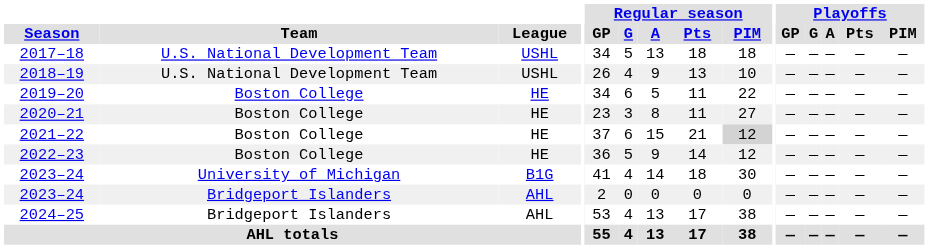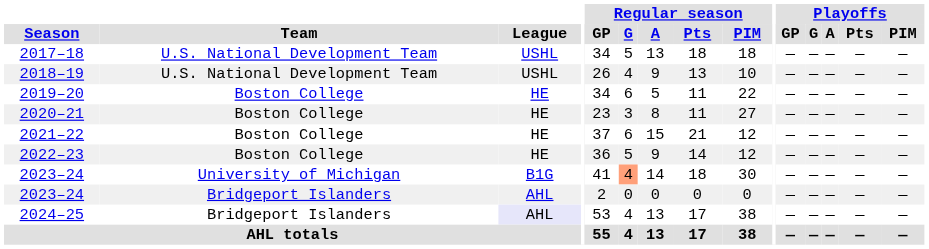 <table border="0" cellpadding="1" cellspacing="0" style="text-align:center; width:60em">
 <tr bgcolor="#e0e0e0">
 <th colspan="3" bgcolor="#ffffff"></th>
 <th rowspan="101" bgcolor="#ffffff"></th>
 <th colspan="5"><a href='#'>Regular season</a></th>
 <th rowspan="101" bgcolor="#ffffff"></th>
 <th colspan="5"><a href='#'>Playoffs</a></th>
 </tr>
 <tr bgcolor="#e0e0e0">
 <th><a href='#'>Season</a></th>
 <th>Team</th>
 <th>League</th>
 <th>GP</th>
 <th><a href='#'>G</a></th>
 <th><a href='#'>A</a></th>
 <th><a href='#'>Pts</a></th>
 <th><a href='#'>PIM</a></th>
 <th>GP</th>
 <th>G</th>
 <th>A</th>
 <th>Pts</th>
 <th>PIM</th>
 </tr>
 <tr>
 <td><a href='#'>2017–18</a></td>
 <td><a href='#'>U.S. National Development Team</a></td>
 <td><a href='#'>USHL</a></td>
 <td>34</td>
 <td>5</td>
 <td>13</td>
 <td>18</td>
 <td>18</td>
 <td>—</td>
 <td>—</td>
 <td>—</td>
 <td>—</td>
 <td>—</td>
 </tr>
 <tr bgcolor="#f0f0f0">
 <td><a href='#'>2018–19</a></td>
 <td>U.S. National Development Team</td>
 <td>USHL</td>
 <td>26</td>
 <td>4</td>
 <td>9</td>
 <td>13</td>
 <td>10</td>
 <td>—</td>
 <td>—</td>
 <td>—</td>
 <td>—</td>
 <td>—</td>
 </tr>
 <tr>
 <td><a href='#'>2019–20</a></td>
 <td><a href='#'>Boston College</a></td>
 <td><a href='#'>HE</a></td>
 <td>34</td>
 <td>6</td>
 <td>5</td>
 <td>11</td>
 <td>22</td>
 <td>—</td>
 <td>—</td>
 <td>—</td>
 <td>—</td>
 <td>—</td>
 </tr>
 <tr bgcolor="#f0f0f0">
 <td><a href='#'>2020–21</a></td>
 <td>Boston College</td>
 <td>HE</td>
 <td>23</td>
 <td>3</td>
 <td>8</td>
 <td>11</td>
 <td>27</td>
 <td>—</td>
 <td>—</td>
 <td>—</td>
 <td>—</td>
 <td>—</td>
 </tr>
 <tr>
 <td><a href='#'>2021–22</a></td>
 <td>Boston College</td>
 <td>HE</td>
 <td>37</td>
 <td>6</td>
 <td>15</td>
 <td>21</td>
-<td style="background: lightgrey;">12</td>
+<td>12</td>
 <td>—</td>
 <td>—</td>
 <td>—</td>
 <td>—</td>
 <td>—</td>
 </tr>
 <tr bgcolor="#f0f0f0">
 <td><a href='#'>2022–23</a></td>
 <td>Boston College</td>
 <td>HE</td>
 <td>36</td>
 <td>5</td>
 <td>9</td>
 <td>14</td>
 <td>12</td>
 <td>—</td>
 <td>—</td>
 <td>—</td>
 <td>—</td>
 <td>—</td>
 </tr>
 <tr>
 <td><a href='#'>2023–24</a></td>
 <td><a href='#'>University of Michigan</a></td>
 <td><a href='#'>B1G</a></td>
 <td>41</td>
-<td>4</td>
+<td style="background: lightsalmon;">4</td>
 <td>14</td>
 <td>18</td>
 <td>30</td>
 <td>—</td>
 <td>—</td>
 <td>—</td>
 <td>—</td>
 <td>—</td>
 </tr>
 <tr bgcolor="#f0f0f0">
 <td><a href='#'>2023–24</a></td>
 <td><a href='#'>Bridgeport Islanders</a></td>
 <td><a href='#'>AHL</a></td>
 <td>2</td>
 <td>0</td>
 <td>0</td>
 <td>0</td>
 <td>0</td>
 <td>—</td>
 <td>—</td>
 <td>—</td>
 <td>—</td>
 <td>—</td>
 </tr>
 <tr>
 <td><a href='#'>2024–25</a></td>
 <td>Bridgeport Islanders</td>
-<td>AHL</td>
+<td style="background: lavender;">AHL</td>
 <td>53</td>
 <td>4</td>
 <td>13</td>
 <td>17</td>
 <td>38</td>
 <td>—</td>
 <td>—</td>
 <td>—</td>
 <td>—</td>
 <td>—</td>
 </tr>
 <tr bgcolor="#e0e0e0">
 <th colspan="3">AHL totals</th>
 <th>55</th>
 <th>4</th>
 <th>13</th>
 <th>17</th>
 <th>38</th>
 <th>—</th>
 <th>—</th>
 <th>—</th>
 <th>—</th>
 <th>—</th>
 </tr>
 </table>
